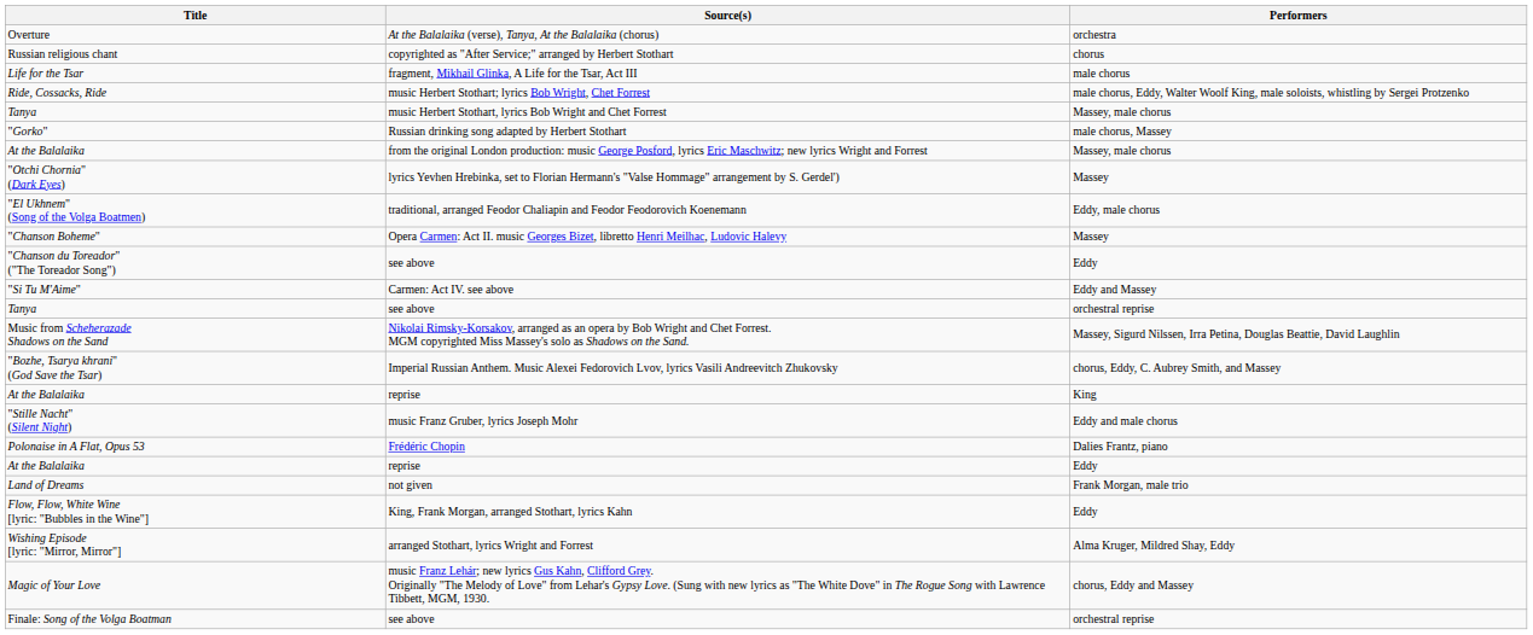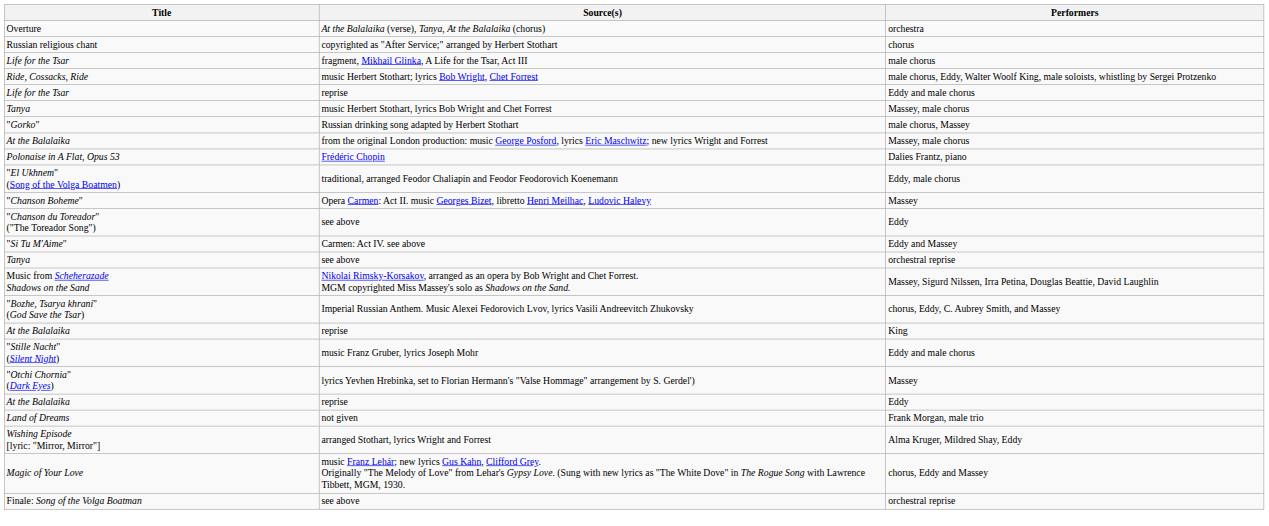 <table class="wikitable" style="font-size:95%;">
 <tr>
 <th width=25%>Title</th>
 <th width=45%>Source(s)</th>
 <th width=30%>Performers</th>
 </tr>
 <tr>
 <td>Overture</td>
 <td><em>At the Balalaika</em> (verse), <em>Tanya</em>, <em>At the Balalaika</em> (chorus)</td>
 <td>orchestra</td>
 </tr>
 <tr>
 <td>Russian religious chant</td>
 <td>copyrighted as "After Service;" arranged by Herbert Stothart</td>
 <td>chorus</td>
 </tr>
 <tr>
 <td><em>Life for the Tsar</em></td>
 <td>fragment, <a href='#'>Mikhail Glinka</a>, A Life for the Tsar, Act III</td>
 <td>male chorus</td>
 </tr>
 <tr>
 <td><em>Ride, Cossacks, Ride</em></td>
 <td>music Herbert Stothart; lyrics <a href='#'>Bob Wright</a>, <a href='#'>Chet Forrest</a></td>
 <td>male chorus, Eddy, Walter Woolf King, male soloists, whistling by Sergei Protzenko</td>
 </tr>
 <tr>
+<td><em>Life for the Tsar</em></td>
+<td>reprise</td>
+<td>Eddy and male chorus</td>
+</tr>
+<tr>
 <td><em>Tanya</em></td>
 <td>music Herbert Stothart, lyrics Bob Wright and Chet Forrest</td>
 <td>Massey, male chorus</td>
 </tr>
 <tr>
 <td>"<em>Gorko</em>"</td>
 <td>Russian drinking song adapted by Herbert Stothart</td>
 <td>male chorus, Massey</td>
 </tr>
 <tr>
 <td><em>At the Balalaika</em></td>
 <td>from the original London production: music <a href='#'>George Posford</a>, lyrics <a href='#'>Eric Maschwitz</a>; new lyrics Wright and Forrest</td>
 <td>Massey, male chorus</td>
 </tr>
 <tr>
-<td>"<em>Otchi Chornia</em>"<br>(<em><a href='#'>Dark Eyes</a></em>)</td>
-<td>lyrics Yevhen Hrebinka, set to Florian Hermann's "Valse Hommage" arrangement by S. Gerdel')</td>
-<td>Massey</td>
+<td><em>Polonaise in A Flat, Opus 53</em></td>
+<td><a href='#'>Frédéric Chopin</a></td>
+<td>Dalies Frantz, piano</td>
 </tr>
 <tr>
 <td>"<em>El Ukhnem</em>"<br>(<a href='#'>Song of the Volga Boatmen</a>)</td>
 <td>traditional, arranged Feodor Chaliapin and Feodor Feodorovich Koenemann</td>
 <td>Eddy, male chorus</td>
 </tr>
 <tr>
 <td>"<em>Chanson Boheme</em>"</td>
 <td>Opera <a href='#'>Carmen</a>: Act II. music <a href='#'>Georges Bizet</a>, libretto <a href='#'>Henri Meilhac</a>, <a href='#'>Ludovic Halevy</a></td>
 <td>Massey</td>
 </tr>
 <tr>
 <td>"<em>Chanson du Toreador</em>"<br>("The Toreador Song")</td>
 <td>see above</td>
 <td>Eddy</td>
 </tr>
 <tr>
 <td>"<em>Si Tu M'Aime</em>"</td>
 <td>Carmen: Act IV. see above</td>
 <td>Eddy and Massey</td>
 </tr>
 <tr>
 <td><em>Tanya</em></td>
 <td>see above</td>
 <td>orchestral reprise</td>
 </tr>
 <tr>
 <td>Music from <em><a href='#'>Scheherazade</a></em><br><em>Shadows on the Sand</em></td>
 <td><a href='#'>Nikolai Rimsky-Korsakov</a>, arranged as an opera by Bob Wright and Chet Forrest.<br>MGM copyrighted Miss Massey's solo as <em>Shadows on the Sand.</em></td>
 <td>Massey, Sigurd Nilssen, Irra Petina, Douglas Beattie, David Laughlin</td>
 </tr>
 <tr>
 <td>"<em>Bozhe, Tsarya khrani</em>"<br>(<em>God Save the Tsar</em>)</td>
 <td>Imperial Russian Anthem. Music Alexei Fedorovich Lvov, lyrics Vasili Andreevitch Zhukovsky</td>
 <td>chorus, Eddy, C. Aubrey Smith, and Massey</td>
 </tr>
 <tr>
 <td><em>At the Balalaika</em></td>
 <td>reprise</td>
 <td>King</td>
 </tr>
 <tr>
 <td>"<em>Stille Nacht</em>"<br>(<em><a href='#'>Silent Night</a></em>)</td>
 <td>music Franz Gruber, lyrics Joseph Mohr</td>
 <td>Eddy and male chorus</td>
 </tr>
 <tr>
-<td><em>Polonaise in A Flat, Opus 53</em></td>
-<td><a href='#'>Frédéric Chopin</a></td>
-<td>Dalies Frantz, piano</td>
+<td>"<em>Otchi Chornia</em>"<br>(<em><a href='#'>Dark Eyes</a></em>)</td>
+<td>lyrics Yevhen Hrebinka, set to Florian Hermann's "Valse Hommage" arrangement by S. Gerdel')</td>
+<td>Massey</td>
 </tr>
 <tr>
 <td><em>At the Balalaika</em></td>
 <td>reprise</td>
 <td>Eddy</td>
 </tr>
 <tr>
 <td><em>Land of Dreams</em></td>
 <td>not given</td>
 <td>Frank Morgan, male trio</td>
-</tr>
-<tr>
-<td><em>Flow, Flow, White Wine</em><br>[lyric: "Bubbles in the Wine"]</td>
-<td>King, Frank Morgan, arranged Stothart, lyrics Kahn</td>
-<td>Eddy</td>
 </tr>
 <tr>
 <td><em>Wishing Episode</em><br>[lyric: "Mirror, Mirror"]</td>
 <td>arranged Stothart, lyrics Wright and Forrest</td>
 <td>Alma Kruger, Mildred Shay, Eddy</td>
 </tr>
 <tr>
 <td><em>Magic of Your Love</em></td>
 <td>music <a href='#'>Franz Lehár</a>; new lyrics <a href='#'>Gus Kahn</a>, <a href='#'>Clifford Grey</a>.<br>Originally "The Melody of Love" from Lehar's  <em>Gypsy Love</em>. (Sung with new lyrics as "The White Dove" in <em>The Rogue Song</em> with Lawrence Tibbett, MGM, 1930.</td>
 <td>chorus, Eddy and Massey</td>
 </tr>
 <tr>
 <td>Finale: <em>Song of the Volga Boatman</em></td>
 <td>see above</td>
 <td>orchestral reprise</td>
 </tr>
 </table>
